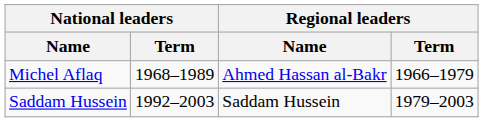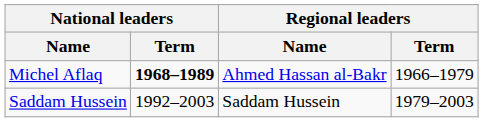 <table class="wikitable" style="float:left; margin:0 15px;">
 <tr>
 <th rowspan="1" colspan="2">National leaders</th>
 <th rowspan="1" colspan="2">Regional leaders</th>
 </tr>
 <tr>
 <th>Name</th>
 <th style="line-height:100%">Term</th>
 <th>Name</th>
 <th style="line-height:100%">Term</th>
 </tr>
 <tr>
 <td><a href='#'>Michel Aflaq</a></td>
-<td>1968–1989</td>
+<td><strong>1968–1989</strong></td>
 <td><a href='#'>Ahmed Hassan al-Bakr</a></td>
 <td>1966–1979</td>
 </tr>
 <tr>
 <td><a href='#'>Saddam Hussein</a></td>
 <td>1992–2003</td>
 <td>Saddam Hussein</td>
 <td>1979–2003</td>
 </tr>
 </table>
